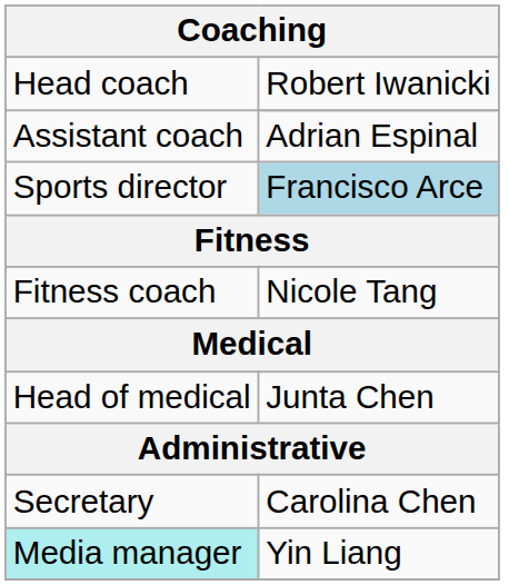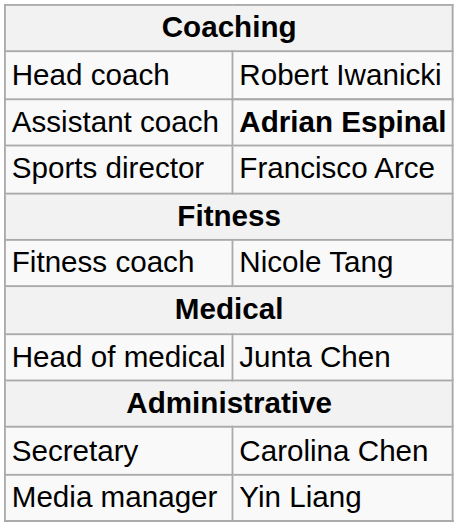 <table class="wikitable">
 <tr>
 <th colspan="2">Coaching</th>
 </tr>
 <tr>
 <td>Head coach</td>
 <td> Robert Iwanicki</td>
 </tr>
 <tr>
 <td rowspan="2">Assistant coach</td>
 </tr>
 <tr>
-<td> Adrian Espinal</td>
+<td><strong> Adrian Espinal</strong></td>
 </tr>
 <tr>
 <td>Sports director</td>
-<td style="background: lightblue;"> Francisco Arce</td>
+<td> Francisco Arce</td>
 </tr>
 <tr>
 <th colspan="2">Fitness</th>
 </tr>
 <tr>
 <td>Fitness coach</td>
 <td> Nicole Tang</td>
 </tr>
 <tr>
 <th colspan="2">Medical</th>
 </tr>
 <tr>
 <td>Head of medical</td>
 <td> Junta Chen</td>
 </tr>
 <tr>
 <th colspan="3">Administrative</th>
 </tr>
 <tr>
 <td>Secretary</td>
 <td> Carolina Chen</td>
 </tr>
 <tr>
-<td style="background: paleturquoise;">Media manager</td>
+<td>Media manager</td>
 <td> Yin Liang</td>
 </tr>
 <tr>
 </tr>
 </table>
